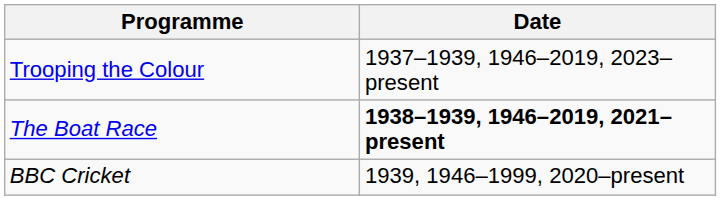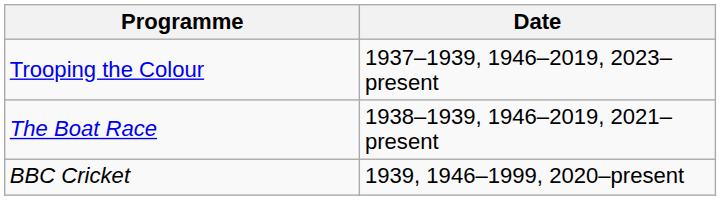 <table class="wikitable">
 <tr>
 <th width=250>Programme</th>
 <th width=250>Date</th>
 </tr>
 <tr>
 <td><a href='#'>Trooping the Colour</a></td>
 <td>1937–1939, 1946–2019, 2023–present</td>
 </tr>
 <tr>
 <td><em><a href='#'>The Boat Race</a></em></td>
-<td><strong>1938–1939, 1946–2019, 2021–present</strong></td>
+<td>1938–1939, 1946–2019, 2021–present</td>
 </tr>
 <tr>
 <td><em>BBC Cricket</em></td>
 <td>1939, 1946–1999, 2020–present</td>
 </tr>
 </table>
